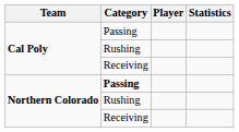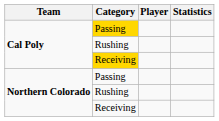 <table class="wikitable" style="float: right;">
 <tr>
 <th>Team</th>
 <th>Category</th>
 <th>Player</th>
 <th>Statistics</th>
 </tr>
 <tr>
 <td rowspan=3><strong>Cal Poly</strong></td>
+<td style="background: gold;">Passing</td>
+<td></td>
+<td></td>
+</tr>
+<tr>
+<td>Rushing</td>
+<td></td>
+<td></td>
+</tr>
+<tr>
+<td style="background: gold;">Receiving</td>
+<td></td>
+<td></td>
+</tr>
+<tr>
+<td rowspan=3><strong>Northern Colorado</strong></td>
 <td>Passing</td>
 <td></td>
 <td></td>
 </tr>
 <tr>
 <td>Rushing</td>
 <td></td>
 <td></td>
 </tr>
 <tr>
 <td>Receiving</td>
 <td></td>
 <td></td>
 </tr>
-<tr>
-<td rowspan=3><strong>Northern Colorado</strong></td>
-<td><strong>Passing</strong></td>
-<td></td>
-<td></td>
-</tr>
-<tr>
-<td>Rushing</td>
-<td></td>
-<td></td>
-</tr>
-<tr>
-<td>Receiving</td>
-<td></td>
-<td></td>
-</tr>
 </table>
